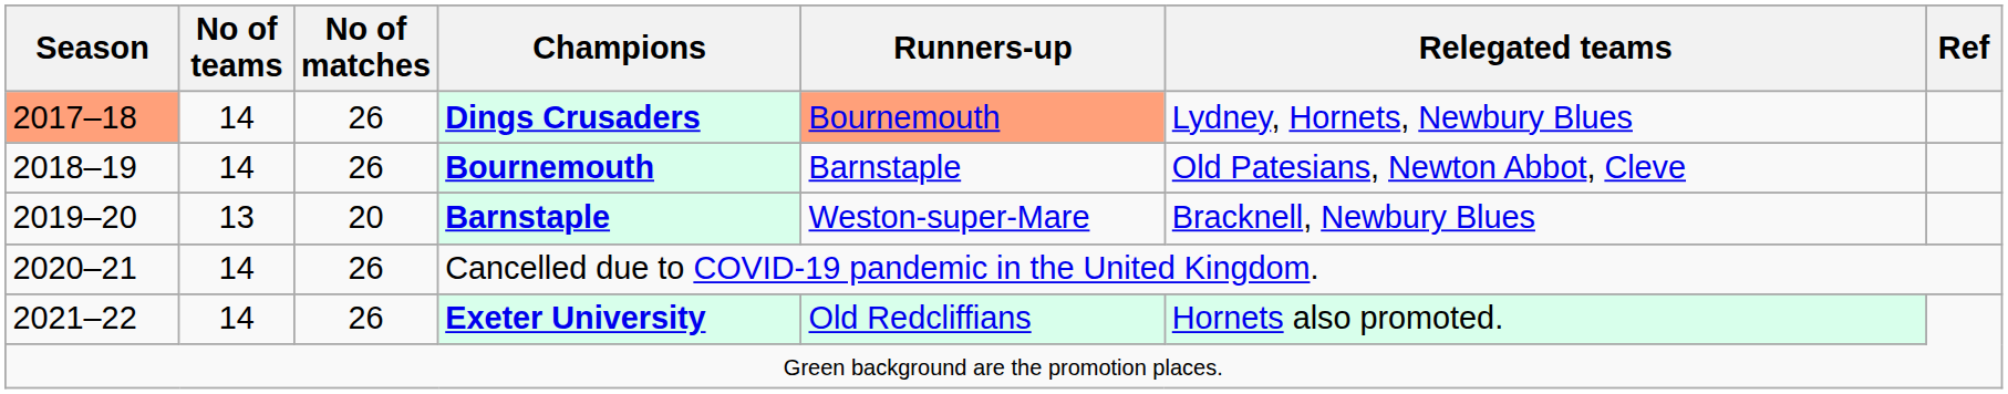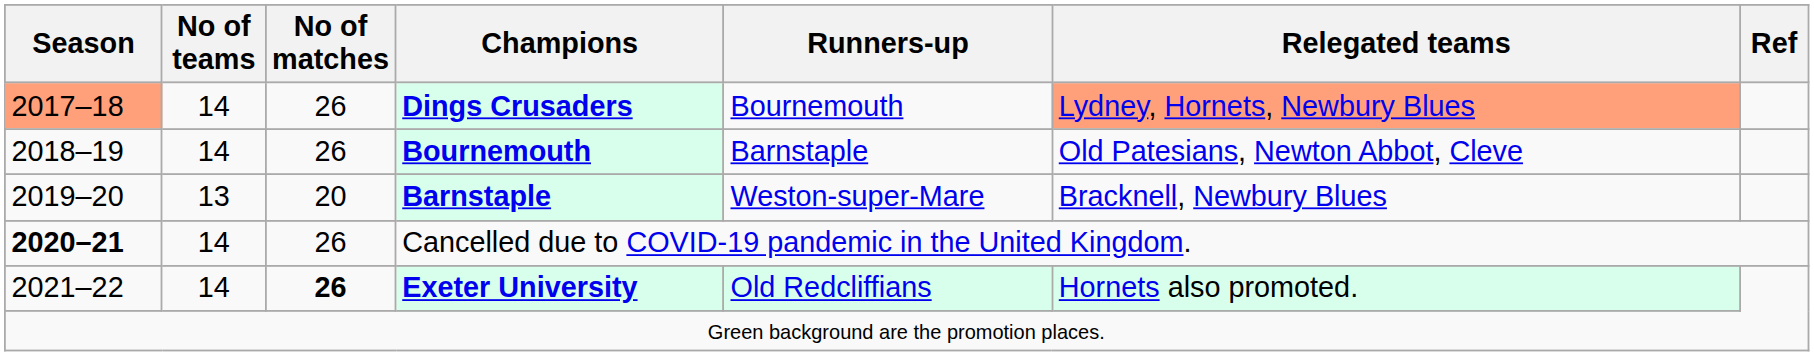 <table class="wikitable">
 <tr>
 <th style="width:80px;">Season</th>
 <th style="width:50px;">No of teams</th>
 <th style="width:50px;">No of matches</th>
 <th style="width:175px;">Champions</th>
 <th style="width:175px;">Runners-up</th>
 <th style="width:375px;">Relegated teams</th>
 <th style="width:30px;">Ref</th>
 </tr>
 <tr>
 <td style="background: lightsalmon;">2017–18</td>
 <td style="text-align: center;">14</td>
 <td style="text-align: center;">26</td>
 <td style="background:#d8ffeb;"><strong><a href='#'>Dings Crusaders</a></strong></td>
-<td style="background: lightsalmon;"><a href='#'>Bournemouth</a></td>
-<td><a href='#'>Lydney</a>, <a href='#'>Hornets</a>, <a href='#'>Newbury Blues</a></td>
+<td><a href='#'>Bournemouth</a></td>
+<td style="background: lightsalmon;"><a href='#'>Lydney</a>, <a href='#'>Hornets</a>, <a href='#'>Newbury Blues</a></td>
 <td></td>
 </tr>
 <tr>
 <td>2018–19</td>
 <td style="text-align: center;">14</td>
 <td style="text-align: center;">26</td>
 <td style="background:#d8ffeb;"><strong><a href='#'>Bournemouth</a></strong></td>
 <td><a href='#'>Barnstaple</a></td>
 <td><a href='#'>Old Patesians</a>, <a href='#'>Newton Abbot</a>, <a href='#'>Cleve</a></td>
 <td></td>
 </tr>
 <tr>
 <td>2019–20</td>
 <td style="text-align: center;">13</td>
 <td style="text-align: center;">20</td>
 <td style="background:#d8ffeb;"><strong><a href='#'>Barnstaple</a></strong></td>
 <td><a href='#'>Weston-super-Mare</a></td>
 <td><a href='#'>Bracknell</a>, <a href='#'>Newbury Blues</a></td>
 <td></td>
 </tr>
 <tr>
-<td>2020–21</td>
+<td><strong>2020–21</strong></td>
 <td style="text-align: center;">14</td>
 <td style="text-align: center;">26</td>
 <td colspan=4>Cancelled due to <a href='#'>COVID-19 pandemic in the United Kingdom</a>.</td>
 </tr>
 <tr>
 <td>2021–22</td>
 <td style="text-align: center;">14</td>
-<td style="text-align: center;">26</td>
+<td style="text-align: center;"><strong>26</strong></td>
 <td style="background:#d8ffeb;"><strong><a href='#'>Exeter University</a></strong></td>
 <td style="background:#d8ffeb;"><a href='#'>Old Redcliffians</a></td>
 <td style="background:#d8ffeb;"><a href='#'>Hornets</a> also promoted.</td>
 </tr>
 <tr>
 <td colspan="15"  style="border:0; font-size:smaller; text-align:center;"><small><span>Green background</span> are the promotion places.</small></td>
 </tr>
 </table>
